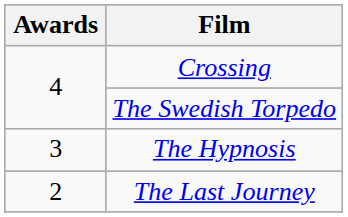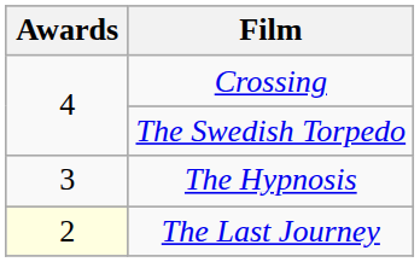 <table class="wikitable plainrowheaders" style="text-align: center; float:left; margin-right:1em;">
 <tr>
 <th scope="col" style="width:55px;">Awards</th>
 <th scope="col" style="text-align:center;">Film</th>
 </tr>
 <tr>
 <td rowspan="2">4</td>
 <td><em><a href='#'>Crossing</a></em></td>
 </tr>
 <tr>
 <td><em><a href='#'>The Swedish Torpedo</a></em></td>
 </tr>
 <tr>
 <td>3</td>
 <td><em><a href='#'>The Hypnosis</a></em></td>
 </tr>
 <tr>
-<td>2</td>
+<td style="background: lightyellow;">2</td>
 <td><em><a href='#'>The Last Journey</a></em></td>
 </tr>
 </table>
